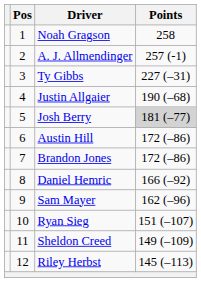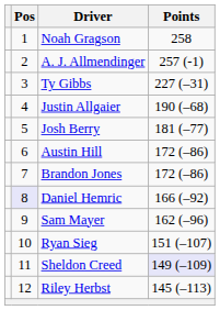 <table class="wikitable" style="font-size: 95%;">
 <tr>
 <th></th>
 <th>Pos</th>
 <th>Driver</th>
 <th>Points</th>
 </tr>
 <tr>
 <td align="left"></td>
 <td style="text-align:center;">1</td>
 <td><a href='#'>Noah Gragson</a></td>
 <td style="text-align:center;">258</td>
 </tr>
 <tr>
 <td align="left"></td>
 <td style="text-align:center;">2</td>
 <td><a href='#'>A. J. Allmendinger</a></td>
 <td style="text-align:center;">257 (-1)</td>
 </tr>
 <tr>
 <td align="left"></td>
 <td style="text-align:center;">3</td>
 <td><a href='#'>Ty Gibbs</a></td>
 <td style="text-align:center;">227 (–31)</td>
 </tr>
 <tr>
 <td align="left"></td>
 <td style="text-align:center;">4</td>
 <td><a href='#'>Justin Allgaier</a></td>
 <td style="text-align:center;">190 (–68)</td>
 </tr>
 <tr>
 <td align="left"></td>
 <td style="text-align:center;">5</td>
 <td><a href='#'>Josh Berry</a></td>
-<td style="background: lightgrey; text-align:center;">181 (–77)</td>
+<td style="text-align:center;">181 (–77)</td>
 </tr>
 <tr>
 <td align="left"></td>
 <td style="text-align:center;">6</td>
 <td><a href='#'>Austin Hill</a></td>
 <td style="text-align:center;">172 (–86)</td>
 </tr>
 <tr>
 <td align="left"></td>
 <td style="text-align:center;">7</td>
 <td><a href='#'>Brandon Jones</a></td>
 <td style="text-align:center;">172 (–86)</td>
 </tr>
 <tr>
 <td align="left"></td>
-<td style="text-align:center;">8</td>
+<td style="background: lavender; text-align:center;">8</td>
 <td><a href='#'>Daniel Hemric</a></td>
 <td style="text-align:center;">166 (–92)</td>
 </tr>
 <tr>
 <td align="left"></td>
 <td style="text-align:center;">9</td>
 <td><a href='#'>Sam Mayer</a></td>
 <td style="text-align:center;">162 (–96)</td>
 </tr>
 <tr>
 <td align="left"></td>
 <td style="text-align:center;">10</td>
 <td><a href='#'>Ryan Sieg</a></td>
 <td style="text-align:center;">151 (–107)</td>
 </tr>
 <tr>
 <td align="left"></td>
 <td style="text-align:center;">11</td>
 <td><a href='#'>Sheldon Creed</a></td>
-<td style="text-align:center;">149 (–109)</td>
+<td style="background: lavender; text-align:center;">149 (–109)</td>
 </tr>
 <tr>
 <td align="left"></td>
 <td style="text-align:center;">12</td>
 <td><a href='#'>Riley Herbst</a></td>
 <td style="text-align:center;">145 (–113)</td>
 </tr>
 <tr class="sortbottom">
 <th colspan="9"></th>
 </tr>
 </table>
